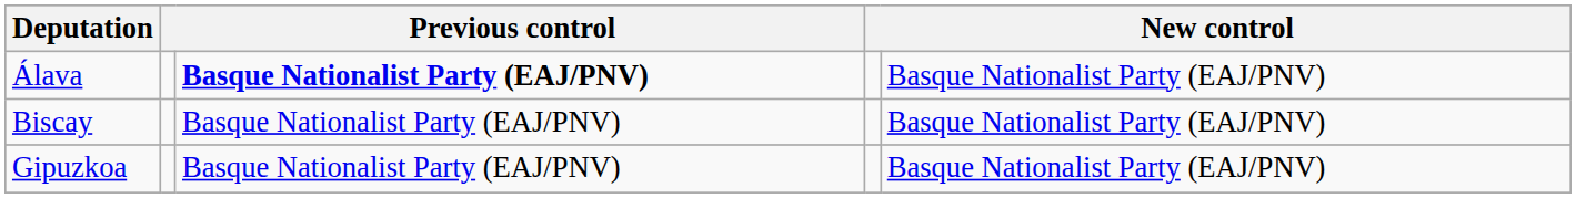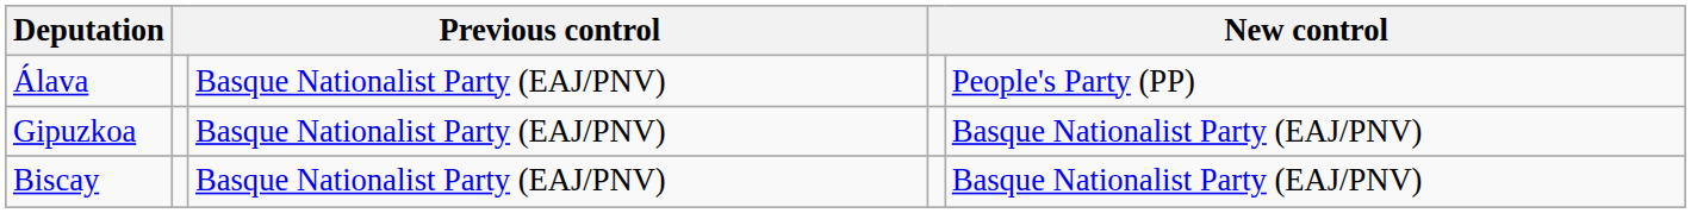 <table class="wikitable sortable">
 <tr>
 <th>Deputation</th>
 <th colspan="2" style="width:375px;">Previous control</th>
 <th colspan="2" style="width:375px;">New control</th>
 </tr>
 <tr>
 <td><a href='#'>Álava</a></td>
 <td width="1" style="color:inherit;background:"></td>
-<td><strong><a href='#'>Basque Nationalist Party</a> (EAJ/PNV)</strong></td>
+<td><a href='#'>Basque Nationalist Party</a> (EAJ/PNV)</td>
 <td width="1" style="color:inherit;background:"></td>
+<td><a href='#'>People's Party</a> (PP)</td>
+</tr>
+<tr>
+<td><a href='#'>Gipuzkoa</a></td>
+<td style="color:inherit;background:"></td>
+<td><a href='#'>Basque Nationalist Party</a> (EAJ/PNV)</td>
+<td style="color:inherit;background:"></td>
 <td><a href='#'>Basque Nationalist Party</a> (EAJ/PNV)</td>
 </tr>
 <tr>
 <td><a href='#'>Biscay</a></td>
 <td style="color:inherit;background:"></td>
 <td><a href='#'>Basque Nationalist Party</a> (EAJ/PNV)</td>
 <td style="color:inherit;background:"></td>
 <td><a href='#'>Basque Nationalist Party</a> (EAJ/PNV)</td>
 </tr>
-<tr>
-<td><a href='#'>Gipuzkoa</a></td>
-<td style="color:inherit;background:"></td>
-<td><a href='#'>Basque Nationalist Party</a> (EAJ/PNV)</td>
-<td style="color:inherit;background:"></td>
-<td><a href='#'>Basque Nationalist Party</a> (EAJ/PNV)</td>
-</tr>
 </table>
